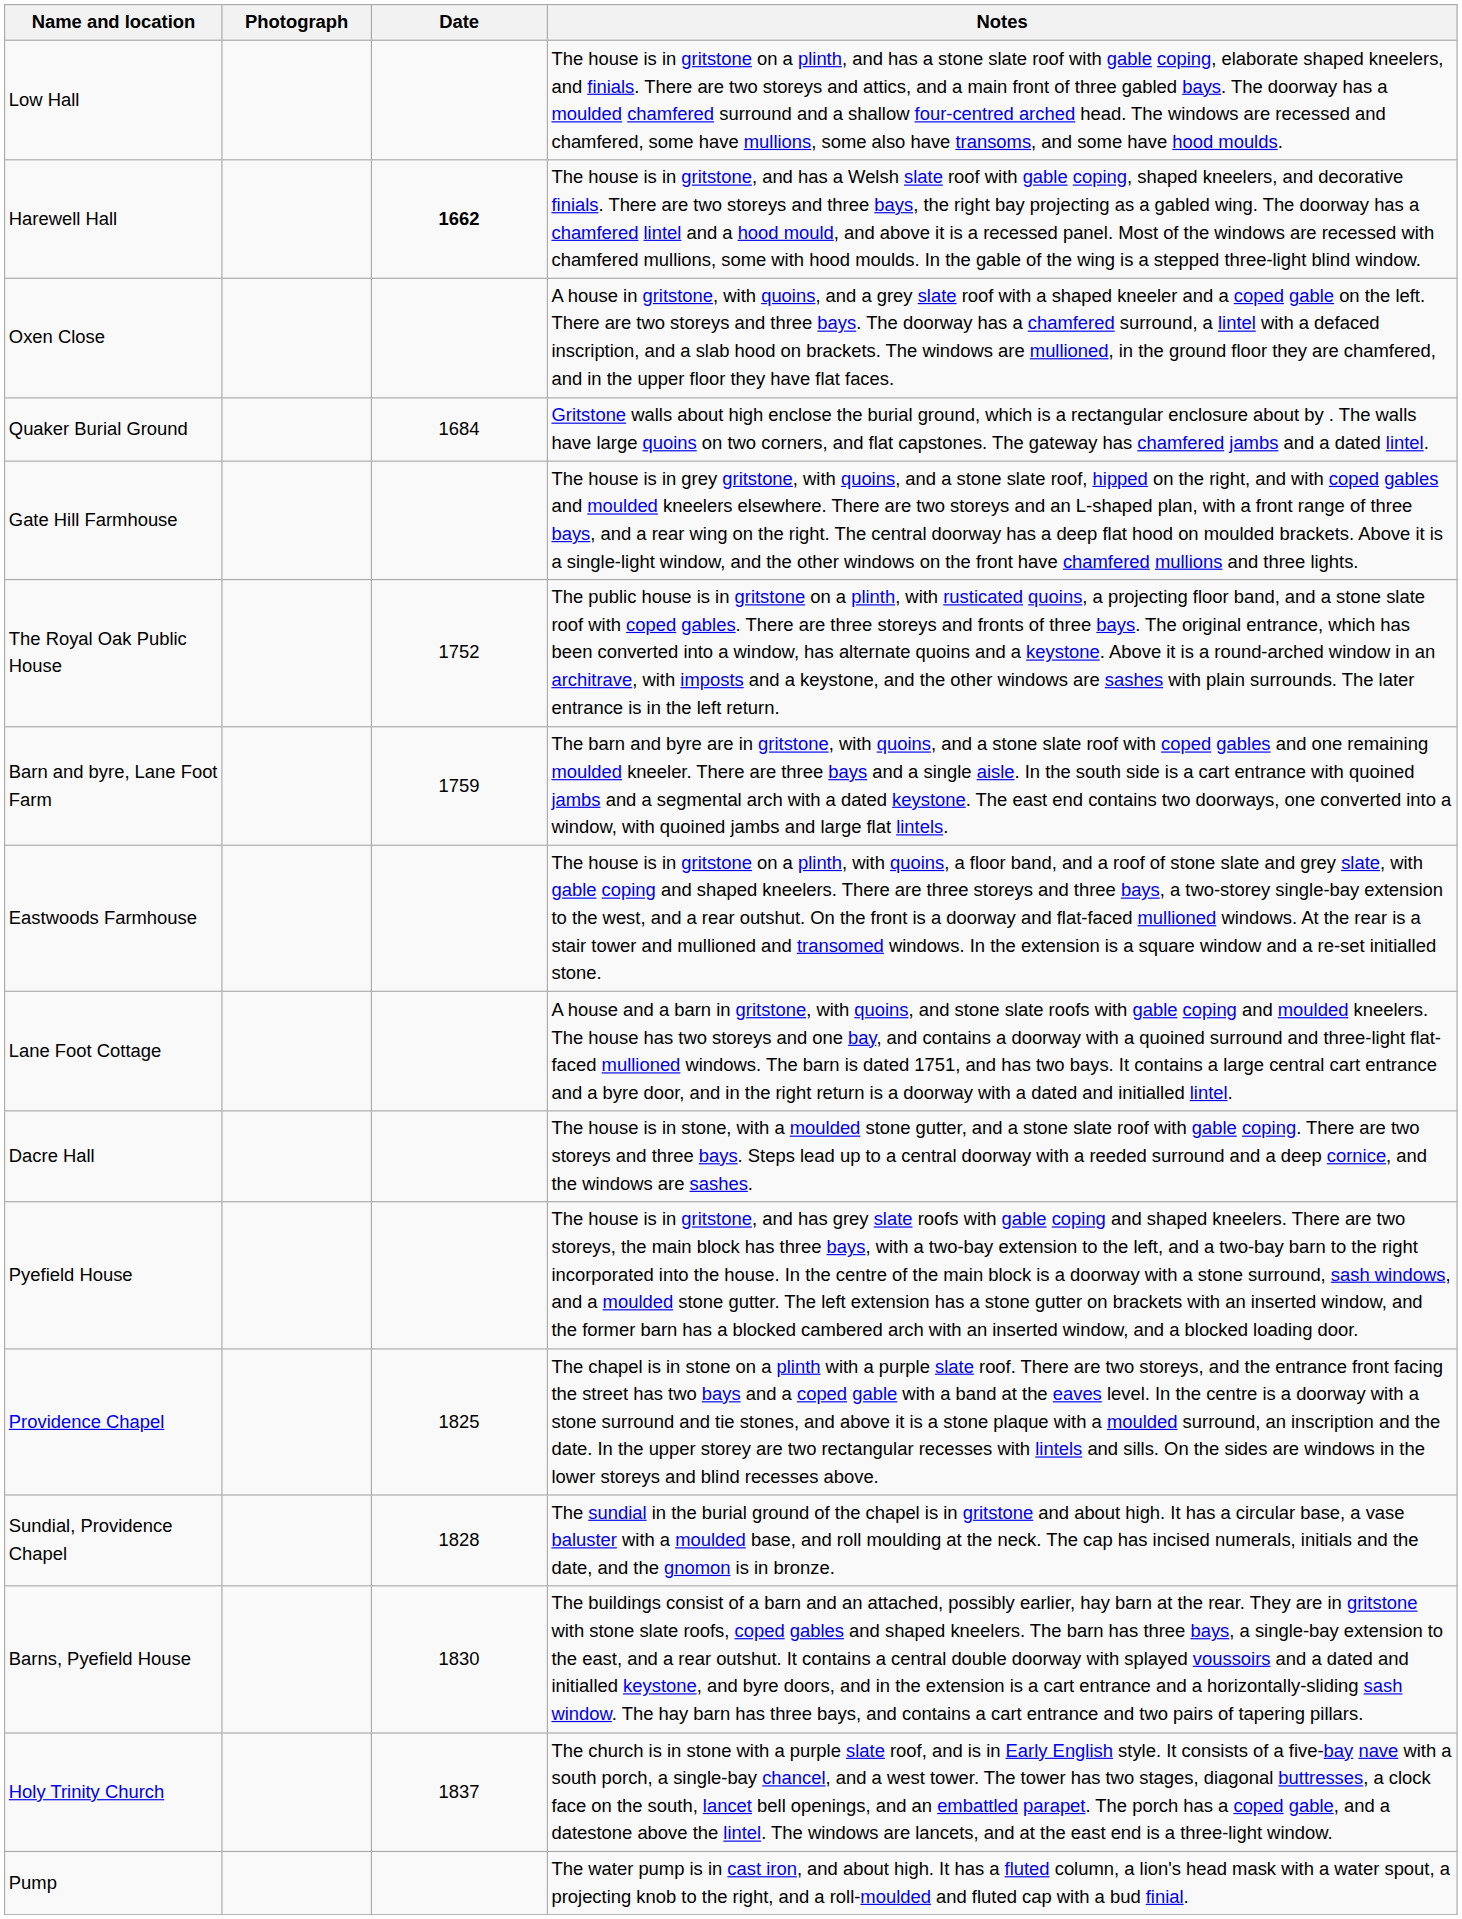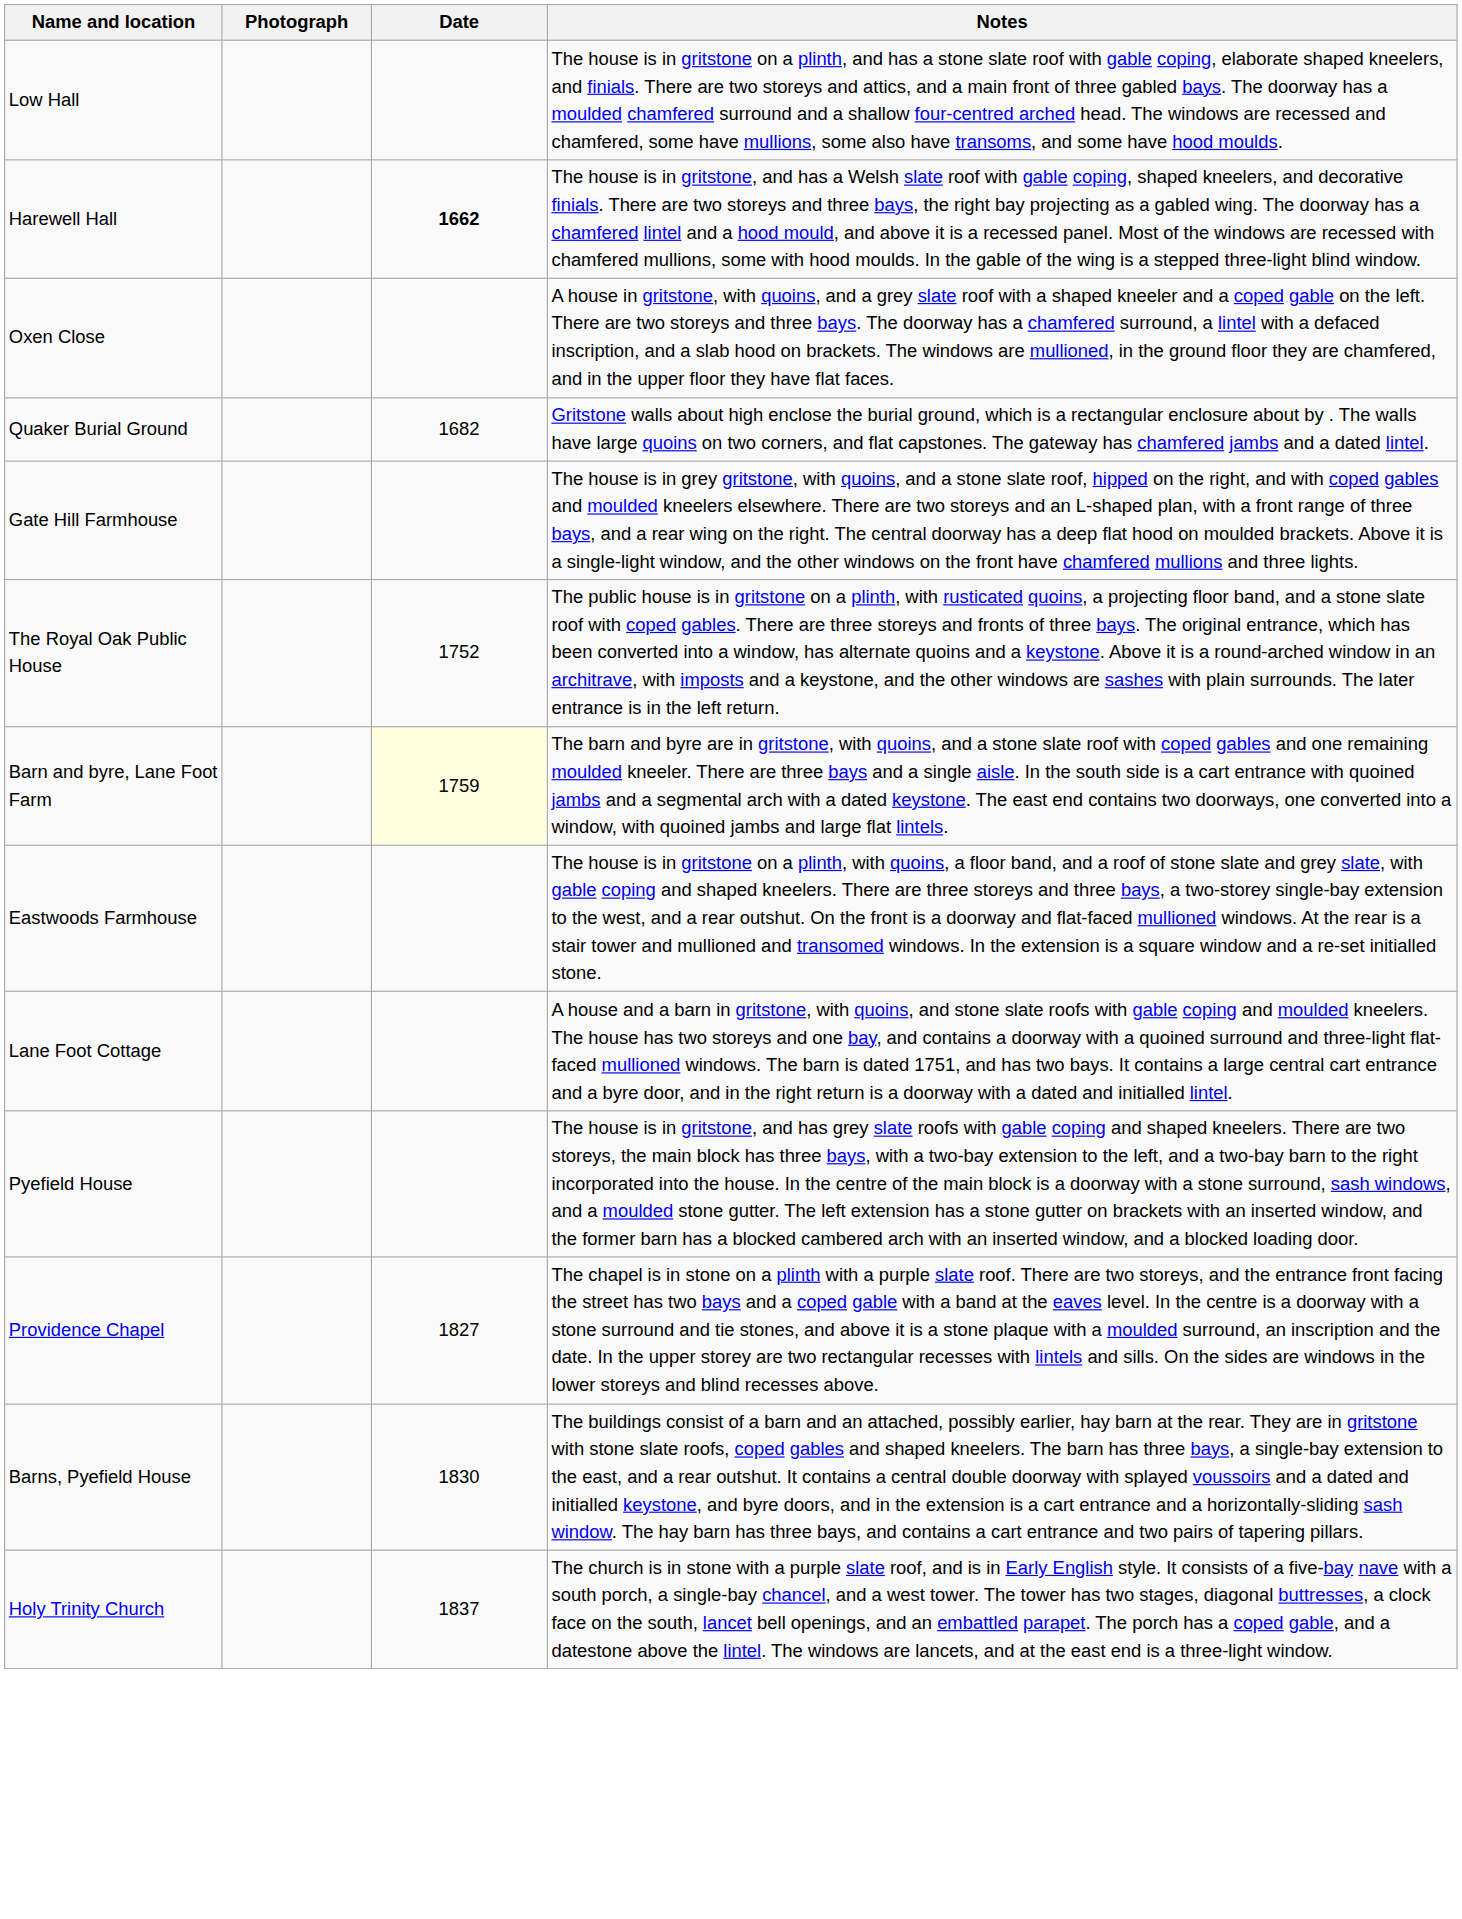 <table class="wikitable sortable plainrowheaders" style="width:100%;border:0px;text-align:left;line-height:150%;">
 <tr>
 <th scope="col"  style="width:150px">Name and location</th>
 <th scope="col"  style="width:100px" class="unsortable">Photograph</th>
 <th scope="col"  style="width:120px">Date</th>
 <th scope="col"  style="width:650px" class="unsortable">Notes</th>
 </tr>
 <tr>
 <td>Low Hall<br><small></small></td>
 <td></td>
 <td align="center"></td>
 <td>The house is in <a href='#'>gritstone</a> on a <a href='#'>plinth</a>, and has a stone slate roof with <a href='#'>gable</a> <a href='#'>coping</a>, elaborate shaped kneelers, and <a href='#'>finials</a>.  There are two storeys and attics, and a main front of three gabled <a href='#'>bays</a>.  The doorway has a <a href='#'>moulded</a> <a href='#'>chamfered</a> surround and a shallow <a href='#'>four-centred arched</a> head.  The windows are recessed and chamfered, some have <a href='#'>mullions</a>, some also have <a href='#'>transoms</a>, and some have <a href='#'>hood moulds</a>.</td>
 </tr>
 <tr>
 <td>Harewell Hall<br><small></small></td>
 <td></td>
 <td align="center"><strong>1662</strong></td>
 <td>The house is in <a href='#'>gritstone</a>, and has a Welsh <a href='#'>slate</a> roof with <a href='#'>gable</a> <a href='#'>coping</a>, shaped kneelers, and decorative <a href='#'>finials</a>.  There are two storeys and three <a href='#'>bays</a>, the right bay projecting as a gabled wing.  The doorway has a <a href='#'>chamfered</a> <a href='#'>lintel</a> and a <a href='#'>hood mould</a>, and above it is a recessed panel.  Most of the windows are recessed with chamfered mullions, some with hood moulds.  In the gable of the wing is a stepped three-light blind window.</td>
 </tr>
 <tr>
 <td>Oxen Close<br><small></small></td>
 <td></td>
 <td align="center"></td>
 <td>A house in <a href='#'>gritstone</a>, with <a href='#'>quoins</a>, and a grey <a href='#'>slate</a> roof with a shaped kneeler and a <a href='#'>coped</a> <a href='#'>gable</a> on the left.  There are two storeys and three <a href='#'>bays</a>.  The doorway has a <a href='#'>chamfered</a> surround, a <a href='#'>lintel</a> with a defaced inscription, and a slab hood on brackets.  The windows are <a href='#'>mullioned</a>, in the ground floor they are chamfered, and in the upper floor they have flat faces.</td>
 </tr>
 <tr>
 <td>Quaker Burial Ground<br><small></small></td>
 <td></td>
-<td align="center">1684</td>
+<td align="center">1682</td>
 <td><a href='#'>Gritstone</a> walls about  high enclose the burial ground, which is a rectangular enclosure about  by .  The walls have large <a href='#'>quoins</a> on two corners, and flat capstones.  The gateway has <a href='#'>chamfered</a> <a href='#'>jambs</a> and a dated <a href='#'>lintel</a>.</td>
 </tr>
 <tr>
 <td>Gate Hill Farmhouse<br><small></small></td>
 <td></td>
 <td align="center"></td>
 <td>The house is in grey <a href='#'>gritstone</a>, with <a href='#'>quoins</a>, and a stone slate roof, <a href='#'>hipped</a> on the right, and with <a href='#'>coped</a> <a href='#'>gables</a> and <a href='#'>moulded</a> kneelers elsewhere.  There are two storeys and an L-shaped plan, with a front range of three <a href='#'>bays</a>, and a rear wing on the right.  The central doorway has a deep flat hood on moulded brackets.  Above it is a single-light window, and the other windows on the front have <a href='#'>chamfered</a> <a href='#'>mullions</a> and three lights.</td>
 </tr>
 <tr>
 <td>The Royal Oak Public House<br><small></small></td>
 <td></td>
 <td align="center">1752</td>
 <td>The public house is in <a href='#'>gritstone</a> on a <a href='#'>plinth</a>, with <a href='#'>rusticated</a> <a href='#'>quoins</a>, a projecting floor band, and a stone slate roof with <a href='#'>coped</a> <a href='#'>gables</a>.  There are three storeys and fronts of three <a href='#'>bays</a>.  The original entrance, which has been converted into a window, has alternate quoins and a <a href='#'>keystone</a>.  Above it is a round-arched window in an <a href='#'>architrave</a>, with <a href='#'>imposts</a> and a keystone, and the other windows are <a href='#'>sashes</a> with plain surrounds.  The later entrance is in the left return.</td>
 </tr>
 <tr>
 <td>Barn and byre, Lane Foot Farm<br><small></small></td>
 <td></td>
-<td align="center">1759</td>
+<td align="center" style="background: lightyellow;">1759</td>
 <td>The barn and byre are in <a href='#'>gritstone</a>, with <a href='#'>quoins</a>, and a stone slate roof with <a href='#'>coped</a> <a href='#'>gables</a> and one remaining <a href='#'>moulded</a> kneeler.  There are three <a href='#'>bays</a> and a single <a href='#'>aisle</a>.  In the south side is a cart entrance with quoined <a href='#'>jambs</a> and a segmental arch with a dated <a href='#'>keystone</a>.  The east end contains two doorways, one converted into a window, with quoined jambs and large flat <a href='#'>lintels</a>.</td>
 </tr>
 <tr>
 <td>Eastwoods Farmhouse<br><small></small></td>
 <td></td>
 <td align="center"></td>
 <td>The house is in <a href='#'>gritstone</a> on a <a href='#'>plinth</a>, with <a href='#'>quoins</a>, a floor band, and a roof of stone slate and grey <a href='#'>slate</a>, with <a href='#'>gable</a> <a href='#'>coping</a> and shaped kneelers.  There are three storeys and three <a href='#'>bays</a>, a two-storey single-bay extension to the west, and a rear outshut.  On the front is a doorway and flat-faced <a href='#'>mullioned</a> windows.  At the rear is a stair tower and mullioned and <a href='#'>transomed</a> windows.  In the extension is a square window and a re-set initialled stone.</td>
 </tr>
 <tr>
 <td>Lane Foot Cottage<br><small></small></td>
 <td></td>
 <td align="center"></td>
 <td>A house and a barn in <a href='#'>gritstone</a>, with <a href='#'>quoins</a>, and stone slate roofs with <a href='#'>gable</a> <a href='#'>coping</a> and <a href='#'>moulded</a> kneelers.  The house has two storeys and one <a href='#'>bay</a>, and contains a doorway with a quoined surround and three-light flat-faced <a href='#'>mullioned</a> windows.  The barn is dated 1751, and has two bays.  It contains a large central cart entrance and a byre door, and in the right return is a doorway with a dated and initialled <a href='#'>lintel</a>.</td>
 </tr>
 <tr>
-<td>Dacre Hall<br><small></small></td>
-<td></td>
-<td align="center"></td>
-<td>The house is in stone, with a <a href='#'>moulded</a> stone gutter, and a stone slate roof with <a href='#'>gable</a> <a href='#'>coping</a>.  There are two storeys and three <a href='#'>bays</a>.  Steps lead up to a central doorway with a reeded surround and a deep <a href='#'>cornice</a>, and the windows are <a href='#'>sashes</a>.</td>
-</tr>
-<tr>
 <td>Pyefield House<br><small></small></td>
 <td></td>
 <td align="center"></td>
 <td>The house is in <a href='#'>gritstone</a>, and has grey <a href='#'>slate</a> roofs with <a href='#'>gable</a> <a href='#'>coping</a> and shaped kneelers.  There are two storeys, the main block has three <a href='#'>bays</a>, with a two-bay extension to the left, and a two-bay barn to the right incorporated into the house.  In the centre of the main block is a doorway with a stone surround, <a href='#'>sash windows</a>, and a <a href='#'>moulded</a> stone gutter.  The left extension has a stone gutter on brackets with an inserted window, and the former barn has a blocked cambered arch with an inserted window, and a blocked loading door.</td>
 </tr>
 <tr>
 <td><a href='#'>Providence Chapel</a><br><small></small></td>
 <td></td>
-<td align="center">1825</td>
+<td align="center">1827</td>
 <td>The chapel is in stone on a <a href='#'>plinth</a> with a purple <a href='#'>slate</a> roof.  There are two storeys, and the entrance front facing the street has two <a href='#'>bays</a> and a <a href='#'>coped</a> <a href='#'>gable</a> with a band at the <a href='#'>eaves</a> level.  In the centre is a doorway with a stone surround and tie stones, and above it is a stone plaque with a <a href='#'>moulded</a> surround, an inscription and the date.  In the upper storey are two rectangular recesses with <a href='#'>lintels</a> and sills.  On the sides are windows in the lower storeys and blind recesses above.</td>
-</tr>
-<tr>
-<td>Sundial, Providence Chapel<br><small></small></td>
-<td></td>
-<td align="center">1828</td>
-<td>The <a href='#'>sundial</a> in the burial ground of the chapel is in <a href='#'>gritstone</a> and about  high.  It has a circular base, a vase <a href='#'>baluster</a> with a <a href='#'>moulded</a> base, and roll moulding at the neck.  The cap has incised numerals, initials and the date, and the <a href='#'>gnomon</a> is in bronze.</td>
 </tr>
 <tr>
 <td>Barns, Pyefield House<br><small></small></td>
 <td></td>
 <td align="center">1830</td>
 <td>The buildings consist of a barn and an attached, possibly earlier, hay barn at the rear.  They are in <a href='#'>gritstone</a> with stone slate roofs, <a href='#'>coped</a> <a href='#'>gables</a> and shaped kneelers.  The barn has three <a href='#'>bays</a>, a single-bay extension to the east, and a rear outshut.  It contains a central double doorway with splayed <a href='#'>voussoirs</a> and a dated and initialled <a href='#'>keystone</a>, and byre doors, and in the extension is a cart entrance and a horizontally-sliding <a href='#'>sash window</a>.  The hay barn has three bays, and contains a cart entrance and two pairs of tapering pillars.</td>
 </tr>
 <tr>
 <td><a href='#'>Holy Trinity Church</a><br><small></small></td>
 <td></td>
 <td align="center">1837</td>
 <td>The church is in stone with a purple <a href='#'>slate</a> roof, and is in <a href='#'>Early English</a> style.  It consists of a five-<a href='#'>bay</a> <a href='#'>nave</a> with a south porch, a single-bay <a href='#'>chancel</a>, and a west tower.  The tower has two stages, diagonal <a href='#'>buttresses</a>, a clock face on the south, <a href='#'>lancet</a> bell openings, and an <a href='#'>embattled</a> <a href='#'>parapet</a>.  The porch has a <a href='#'>coped</a> <a href='#'>gable</a>, and a datestone above the <a href='#'>lintel</a>.  The windows are lancets, and at the east end is a three-light window.</td>
 </tr>
 <tr>
-<td>Pump<br><small></small></td>
-<td></td>
-<td align="center"></td>
-<td>The water pump is in <a href='#'>cast iron</a>, and about  high.  It has a <a href='#'>fluted</a> column, a lion's head mask with a water spout, a projecting knob to the right, and a roll-<a href='#'>moulded</a> and fluted cap with a bud <a href='#'>finial</a>. </td>
-</tr>
-<tr>
 </tr>
 </table>
